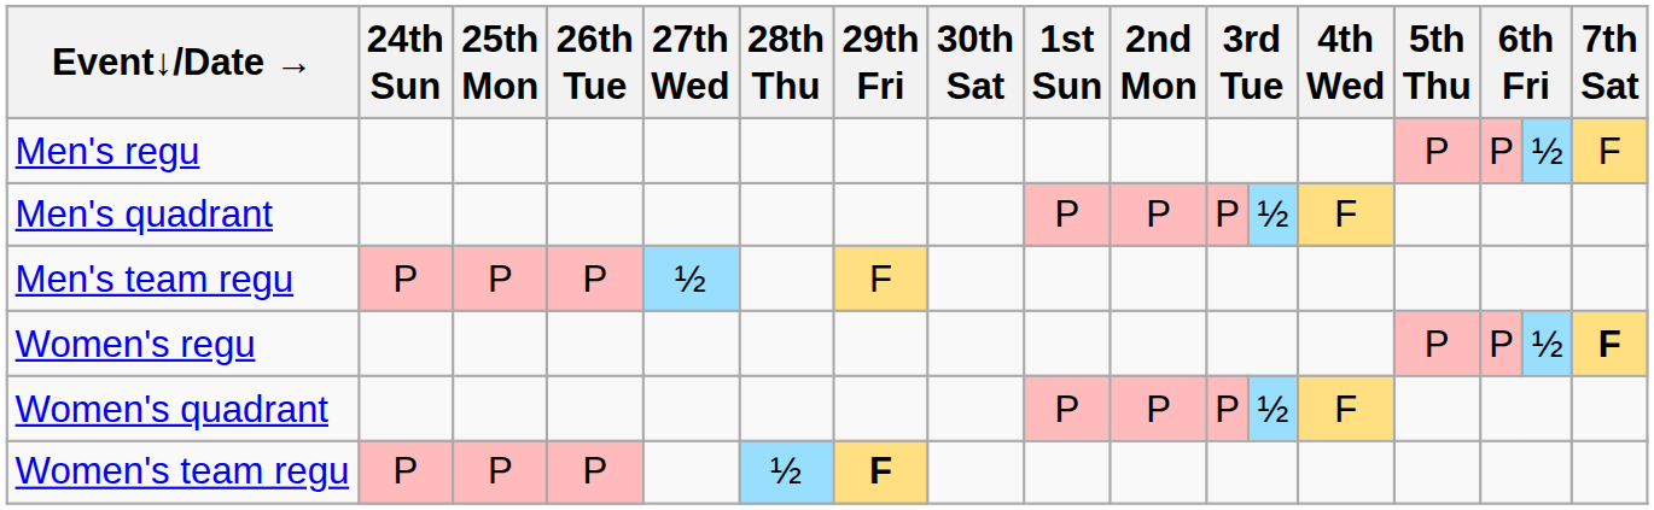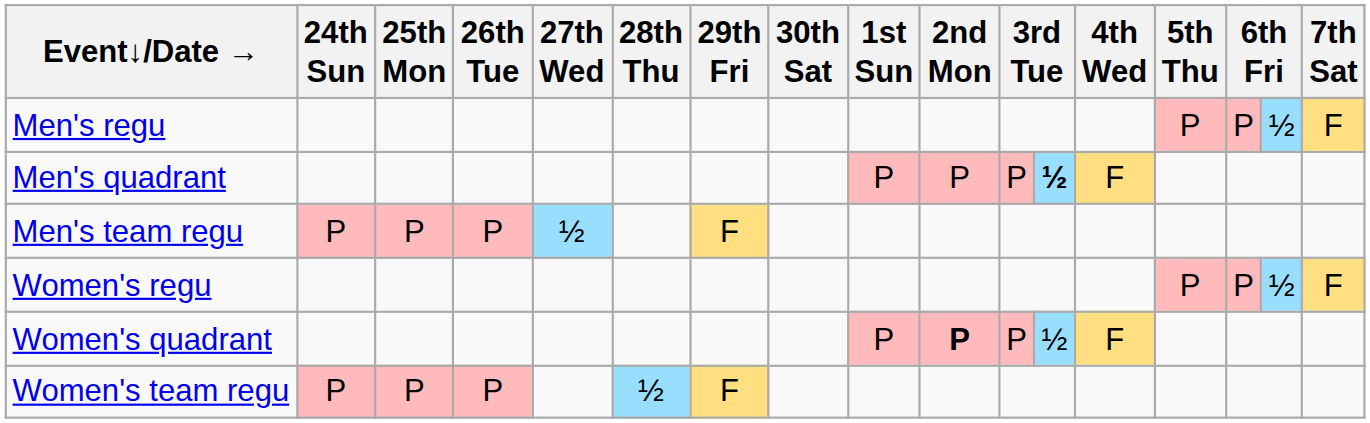 <table class="wikitable" style="margin:0.5em auto; font-size:90%; line-height:1.25em; text-align:center;">
 <tr>
 <th>Event↓/Date →</th>
 <th>24th<br>Sun</th>
 <th>25th<br>Mon</th>
 <th>26th<br>Tue</th>
 <th>27th<br>Wed</th>
 <th>28th<br>Thu</th>
 <th>29th<br>Fri</th>
 <th>30th<br>Sat</th>
 <th>1st<br>Sun</th>
 <th>2nd<br>Mon</th>
 <th colspan=2>3rd<br>Tue</th>
 <th>4th<br>Wed</th>
 <th>5th<br>Thu</th>
 <th colspan=2>6th<br>Fri</th>
 <th>7th<br>Sat</th>
 </tr>
 <tr>
 <td align="left"><a href='#'>Men's regu</a></td>
 <td></td>
 <td></td>
 <td></td>
 <td></td>
 <td></td>
 <td></td>
 <td></td>
 <td></td>
 <td></td>
 <td colspan=2></td>
 <td></td>
 <td bgcolor="#FFBBBB">P</td>
 <td bgcolor="#FFBBBB">P</td>
 <td bgcolor="#97DEFF">½</td>
 <td bgcolor="#FFDF80">F</td>
 </tr>
 <tr>
 <td align="left"><a href='#'>Men's quadrant</a></td>
 <td></td>
 <td></td>
 <td></td>
 <td></td>
 <td></td>
 <td></td>
 <td></td>
 <td bgcolor="#FFBBBB">P</td>
 <td bgcolor="#FFBBBB">P</td>
 <td bgcolor="#FFBBBB">P</td>
-<td bgcolor="#97DEFF">½</td>
+<td bgcolor="#97DEFF"><strong>½</strong></td>
 <td bgcolor="#FFDF80">F</td>
 <td></td>
 <td colspan=2></td>
 <td></td>
 </tr>
 <tr>
 <td align="left"><a href='#'>Men's team regu</a></td>
 <td bgcolor="#FFBBBB">P</td>
 <td bgcolor="#FFBBBB">P</td>
 <td bgcolor="#FFBBBB">P</td>
 <td bgcolor="#97DEFF">½</td>
 <td></td>
 <td bgcolor="#FFDF80">F</td>
 <td></td>
 <td></td>
 <td></td>
 <td colspan=2></td>
 <td></td>
 <td></td>
 <td colspan=2></td>
 <td></td>
 </tr>
 <tr>
 <td align="left"><a href='#'>Women's regu</a></td>
 <td></td>
 <td></td>
 <td></td>
 <td></td>
 <td></td>
 <td></td>
 <td></td>
 <td></td>
 <td></td>
 <td colspan=2></td>
 <td></td>
 <td bgcolor="#FFBBBB">P</td>
 <td bgcolor="#FFBBBB">P</td>
 <td bgcolor="#97DEFF">½</td>
-<td bgcolor="#FFDF80"><strong>F</strong></td>
+<td bgcolor="#FFDF80">F</td>
 </tr>
 <tr>
 <td align="left"><a href='#'>Women's quadrant</a></td>
 <td></td>
 <td></td>
 <td></td>
 <td></td>
 <td></td>
 <td></td>
 <td></td>
 <td bgcolor="#FFBBBB">P</td>
-<td bgcolor="#FFBBBB">P</td>
+<td bgcolor="#FFBBBB"><strong>P</strong></td>
 <td bgcolor="#FFBBBB">P</td>
 <td bgcolor="#97DEFF">½</td>
 <td bgcolor="#FFDF80">F</td>
 <td></td>
 <td colspan=2></td>
 <td></td>
 </tr>
 <tr>
 <td align="left"><a href='#'>Women's team regu</a></td>
 <td bgcolor="#FFBBBB">P</td>
 <td bgcolor="#FFBBBB">P</td>
 <td bgcolor="#FFBBBB">P</td>
 <td></td>
 <td bgcolor="#97DEFF">½</td>
-<td bgcolor="#FFDF80"><strong>F</strong></td>
+<td bgcolor="#FFDF80">F</td>
 <td></td>
 <td></td>
 <td></td>
 <td colspan=2></td>
 <td></td>
 <td></td>
 <td colspan=2></td>
 <td></td>
 </tr>
 </table>
